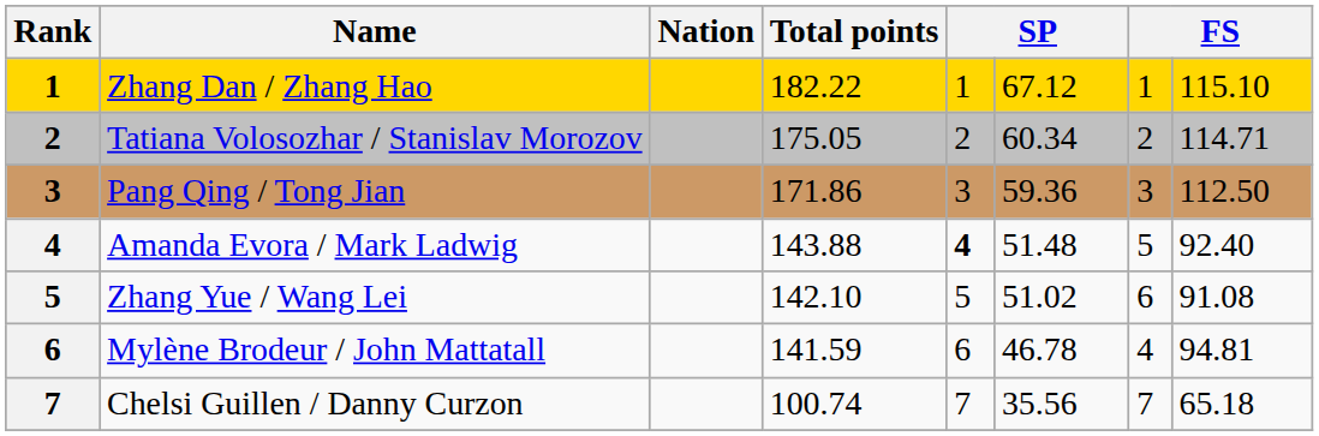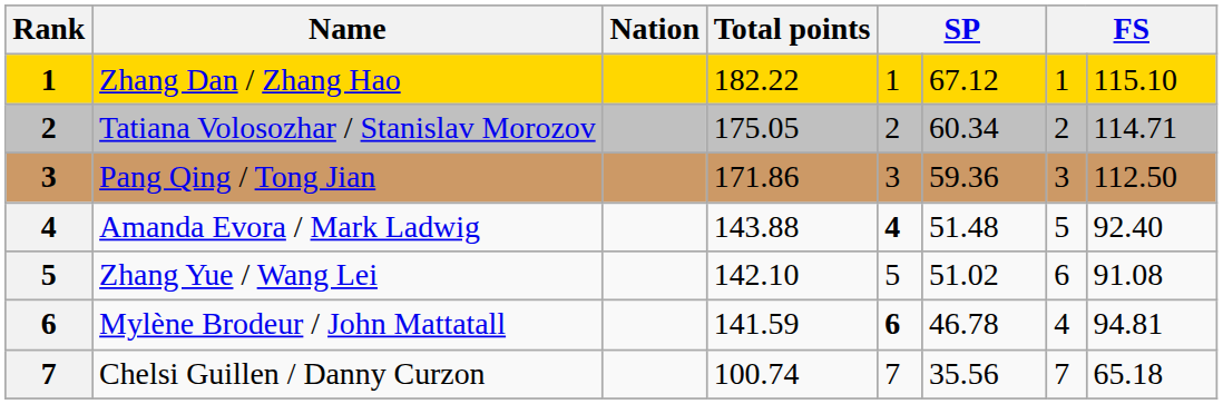 <table class="wikitable">
 <tr>
 <th>Rank</th>
 <th>Name</th>
 <th>Nation</th>
 <th>Total points</th>
 <th colspan="2" width="80px"><a href='#'>SP</a></th>
 <th colspan="2" width="80px"><a href='#'>FS</a></th>
 </tr>
 <tr bgcolor="gold">
 <td align="center"><strong>1</strong></td>
 <td><a href='#'>Zhang Dan</a> / <a href='#'>Zhang Hao</a></td>
 <td></td>
 <td>182.22</td>
 <td>1</td>
 <td>67.12</td>
 <td>1</td>
 <td>115.10</td>
 </tr>
 <tr bgcolor="silver">
 <td align="center"><strong>2</strong></td>
 <td><a href='#'>Tatiana Volosozhar</a> / <a href='#'>Stanislav Morozov</a></td>
 <td></td>
 <td>175.05</td>
 <td>2</td>
 <td>60.34</td>
 <td>2</td>
 <td>114.71</td>
 </tr>
 <tr bgcolor="cc9966">
 <td align="center"><strong>3</strong></td>
 <td><a href='#'>Pang Qing</a> / <a href='#'>Tong Jian</a></td>
 <td></td>
 <td>171.86</td>
 <td>3</td>
 <td>59.36</td>
 <td>3</td>
 <td>112.50</td>
 </tr>
 <tr>
 <th>4</th>
 <td><a href='#'>Amanda Evora</a> / <a href='#'>Mark Ladwig</a></td>
 <td></td>
 <td>143.88</td>
 <td><strong>4</strong></td>
 <td>51.48</td>
 <td>5</td>
 <td>92.40</td>
 </tr>
 <tr>
 <th>5</th>
 <td><a href='#'>Zhang Yue</a> / <a href='#'>Wang Lei</a></td>
 <td></td>
 <td>142.10</td>
 <td>5</td>
 <td>51.02</td>
 <td>6</td>
 <td>91.08</td>
 </tr>
 <tr>
 <th>6</th>
 <td><a href='#'>Mylène Brodeur</a> / <a href='#'>John Mattatall</a></td>
 <td></td>
 <td>141.59</td>
-<td>6</td>
+<td><strong>6</strong></td>
 <td>46.78</td>
 <td>4</td>
 <td>94.81</td>
 </tr>
 <tr>
 <th>7</th>
 <td>Chelsi Guillen / Danny Curzon</td>
 <td></td>
 <td>100.74</td>
 <td>7</td>
 <td>35.56</td>
 <td>7</td>
 <td>65.18</td>
 </tr>
 </table>
